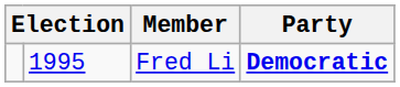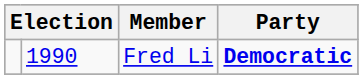 <table class="wikitable">
 <tr>
 <th colspan="2">Election</th>
 <th>Member</th>
 <th>Party</th>
 </tr>
 <tr>
 <td style="background-color: "></td>
-<td><a href='#'>1995</a></td>
+<td><a href='#'>1990</a></td>
 <td><a href='#'>Fred Li</a></td>
 <td><strong><a href='#'>Democratic</a></strong></td>
 </tr>
 </table>
